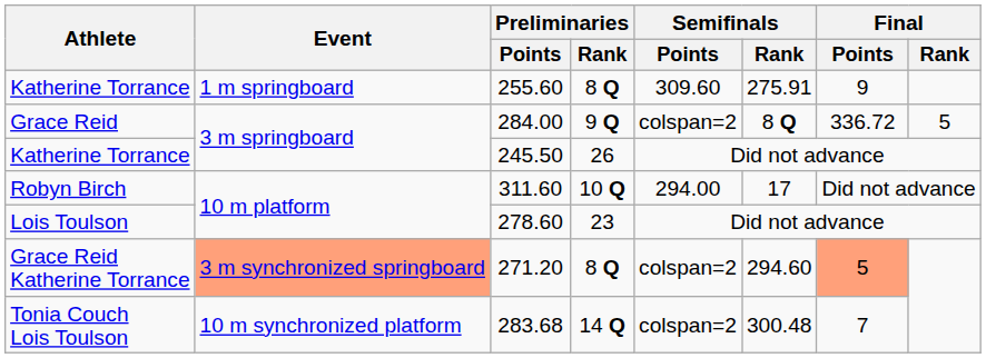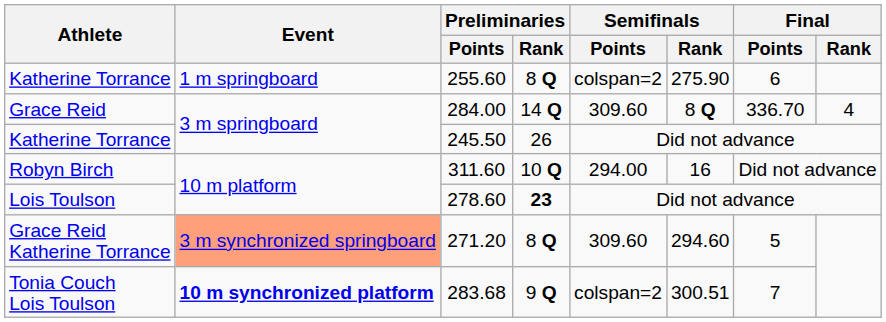 <table class=wikitable style="font-size:90%;">
 <tr>
 <th rowspan="2">Athlete</th>
 <th rowspan="2">Event</th>
 <th colspan="2">Preliminaries</th>
 <th colspan="2">Semifinals</th>
 <th colspan="2">Final</th>
 </tr>
 <tr style="font-size:95%">
 <th>Points</th>
 <th>Rank</th>
 <th>Points</th>
 <th>Rank</th>
 <th>Points</th>
 <th>Rank</th>
 </tr>
 <tr align=center>
 <td align=left><a href='#'>Katherine Torrance</a></td>
 <td align=left><a href='#'>1 m springboard</a></td>
 <td>255.60</td>
 <td>8 <strong>Q</strong></td>
-<td>309.60</td>
-<td>275.91</td>
-<td>9</td>
+<td>colspan=2 </td>
+<td>275.90</td>
+<td>6</td>
 </tr>
 <tr align=center>
 <td align=left><a href='#'>Grace Reid</a></td>
 <td align=left rowspan=2><a href='#'>3 m springboard</a></td>
 <td>284.00</td>
-<td>9 <strong>Q</strong></td>
-<td>colspan=2 </td>
+<td>14 <strong>Q</strong></td>
+<td>309.60</td>
 <td>8 <strong>Q</strong></td>
-<td>336.72</td>
-<td>5</td>
+<td>336.70</td>
+<td>4</td>
 </tr>
 <tr align=center>
 <td align=left><a href='#'>Katherine Torrance</a></td>
 <td>245.50</td>
 <td>26</td>
 <td colspan=4>Did not advance</td>
 </tr>
 <tr align=center>
 <td align=left><a href='#'>Robyn Birch</a></td>
 <td align=left rowspan=2><a href='#'>10 m platform</a></td>
 <td>311.60</td>
 <td>10 <strong>Q</strong></td>
 <td>294.00</td>
-<td>17</td>
+<td>16</td>
 <td colspan=2>Did not advance</td>
 </tr>
 <tr align=center>
 <td align=left><a href='#'>Lois Toulson</a></td>
 <td>278.60</td>
-<td>23</td>
+<td><strong>23</strong></td>
 <td colspan=4>Did not advance</td>
 </tr>
 <tr align=center>
 <td align=left><a href='#'>Grace Reid</a><br><a href='#'>Katherine Torrance</a></td>
 <td align=left style="background: lightsalmon;"><a href='#'>3 m synchronized springboard</a></td>
 <td>271.20</td>
 <td>8 <strong>Q</strong></td>
-<td>colspan=2 </td>
+<td>309.60</td>
 <td>294.60</td>
-<td style="background: lightsalmon;">5</td>
+<td>5</td>
 </tr>
 <tr align=center>
 <td align=left><a href='#'>Tonia Couch</a><br><a href='#'>Lois Toulson</a></td>
-<td align=left><a href='#'>10 m synchronized platform</a></td>
+<td align=left><strong><a href='#'>10 m synchronized platform</a></strong></td>
 <td>283.68</td>
-<td>14 <strong>Q</strong></td>
+<td>9 <strong>Q</strong></td>
 <td>colspan=2 </td>
-<td>300.48</td>
+<td>300.51</td>
 <td>7</td>
 </tr>
 </table>
